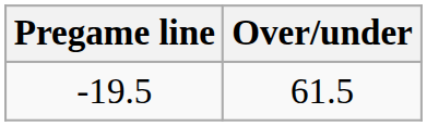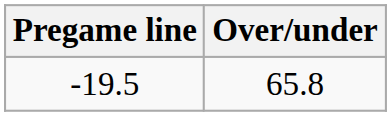 <table class="wikitable" style="margin-left: auto; margin-right: auto; border: none; display: inline-table;">
 <tr align="center">
 <th style=>Pregame line</th>
 <th style=>Over/under</th>
 </tr>
 <tr align="center">
 <td>-19.5</td>
-<td>61.5</td>
+<td>65.8</td>
 </tr>
 </table>
